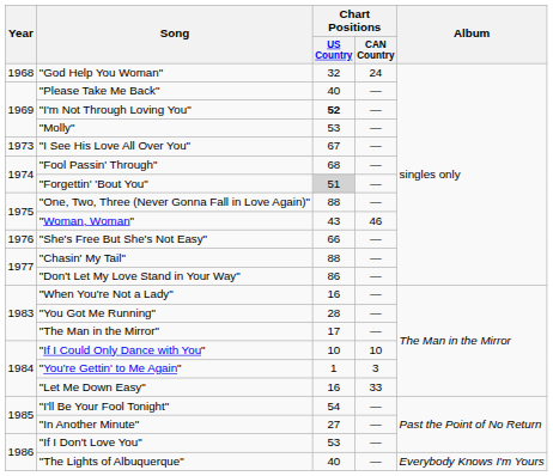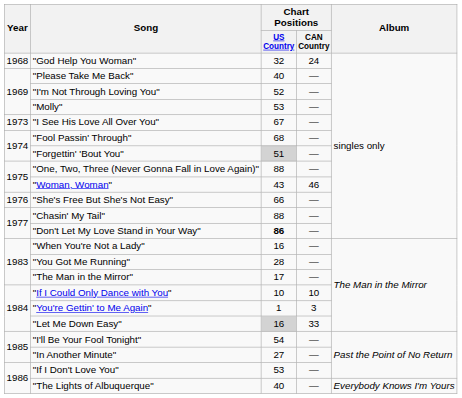 <table class="wikitable">
 <tr>
 <th rowspan="2">Year</th>
 <th rowspan="2">Song</th>
 <th colspan="2">Chart Positions</th>
 <th rowspan="2">Album</th>
 </tr>
 <tr style="font-size:smaller;">
 <th width="50"><a href='#'>US Country</a></th>
 <th width="50">CAN Country</th>
 </tr>
 <tr>
 <td>1968</td>
 <td>"God Help You Woman"</td>
 <td align=center>32</td>
 <td align=center>24</td>
 <td rowspan=12>singles only</td>
 </tr>
 <tr>
 <td rowspan=3>1969</td>
 <td>"Please Take Me Back"</td>
 <td align=center>40</td>
 <td align=center>—</td>
 </tr>
 <tr>
 <td>"I'm Not Through Loving You"</td>
-<td align=center><strong>52</strong></td>
+<td align=center>52</td>
 <td align=center>—</td>
 </tr>
 <tr>
 <td>"Molly"</td>
 <td align=center>53</td>
 <td align=center>—</td>
 </tr>
 <tr>
 <td>1973</td>
 <td>"I See His Love All Over You"</td>
 <td align=center>67</td>
 <td align=center>—</td>
 </tr>
 <tr>
 <td rowspan=2>1974</td>
 <td>"Fool Passin' Through"</td>
 <td align=center>68</td>
 <td align=center>—</td>
 </tr>
 <tr>
 <td>"Forgettin' 'Bout You"</td>
 <td align=center style="background: lightgrey;">51</td>
 <td align=center>—</td>
 </tr>
 <tr>
 <td rowspan=2>1975</td>
 <td>"One, Two, Three (Never Gonna Fall in Love Again)"</td>
 <td align=center>88</td>
 <td align=center>—</td>
 </tr>
 <tr>
 <td>"<a href='#'>Woman, Woman</a>"</td>
 <td align=center>43</td>
 <td align=center>46</td>
 </tr>
 <tr>
 <td>1976</td>
 <td>"She's Free But She's Not Easy"</td>
 <td align=center>66</td>
 <td align=center>—</td>
 </tr>
 <tr>
 <td rowspan=2>1977</td>
 <td>"Chasin' My Tail"</td>
 <td align=center>88</td>
 <td align=center>—</td>
 </tr>
 <tr>
 <td>"Don't Let My Love Stand in Your Way"</td>
-<td align=center>86</td>
+<td align=center><strong>86</strong></td>
 <td align=center>—</td>
 </tr>
 <tr>
 <td rowspan=3>1983</td>
 <td>"When You're Not a Lady"</td>
 <td align=center>16</td>
 <td align=center>—</td>
 <td rowspan=6><em>The Man in the Mirror</em></td>
 </tr>
 <tr>
 <td>"You Got Me Running"</td>
 <td align=center>28</td>
 <td align=center>—</td>
 </tr>
 <tr>
 <td>"The Man in the Mirror"</td>
 <td align=center>17</td>
 <td align=center>—</td>
 </tr>
 <tr>
 <td rowspan=3>1984</td>
 <td>"<a href='#'>If I Could Only Dance with You</a>"</td>
 <td align=center>10</td>
 <td align=center>10</td>
 </tr>
 <tr>
 <td>"<a href='#'>You're Gettin' to Me Again</a>"</td>
 <td align=center>1</td>
 <td align=center>3</td>
 </tr>
 <tr>
 <td>"Let Me Down Easy"</td>
-<td align=center>16</td>
+<td align=center style="background: lightgrey;">16</td>
 <td align=center>33</td>
 </tr>
 <tr>
 <td rowspan=2>1985</td>
 <td>"I'll Be Your Fool Tonight"</td>
 <td align=center>54</td>
 <td align=center>—</td>
 <td rowspan=3><em>Past the Point of No Return</em></td>
 </tr>
 <tr>
 <td>"In Another Minute"</td>
 <td align=center>27</td>
 <td align=center>—</td>
 </tr>
 <tr>
 <td rowspan=2>1986</td>
 <td>"If I Don't Love You"</td>
 <td align=center>53</td>
 <td align=center>—</td>
 </tr>
 <tr>
 <td>"The Lights of Albuquerque"</td>
 <td align=center>40</td>
 <td align=center>—</td>
 <td><em>Everybody Knows I'm Yours</em></td>
 </tr>
 </table>
